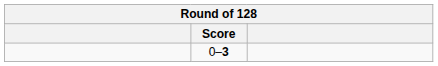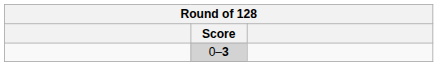 <table class="wikitable" style="text-align: center; font-size:90% ">
 <tr>
 <th colspan=3>Round of 128</th>
 </tr>
 <tr>
 <th width=215></th>
 <th width=60>Score</th>
 <th width=215></th>
 </tr>
 <tr>
 <td align=left></td>
-<td>0–<strong>3</strong></td>
+<td style="background: lightgrey;">0–<strong>3</strong></td>
 <td align=left><strong></strong></td>
 </tr>
 </table>
